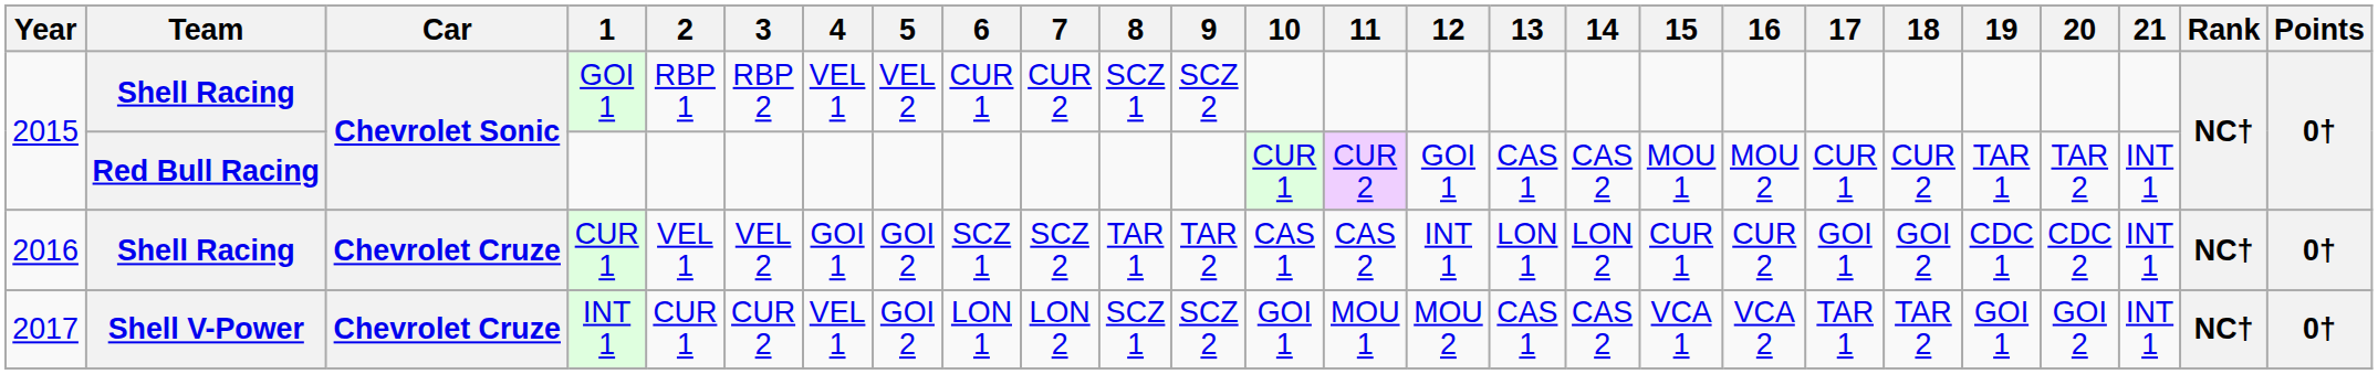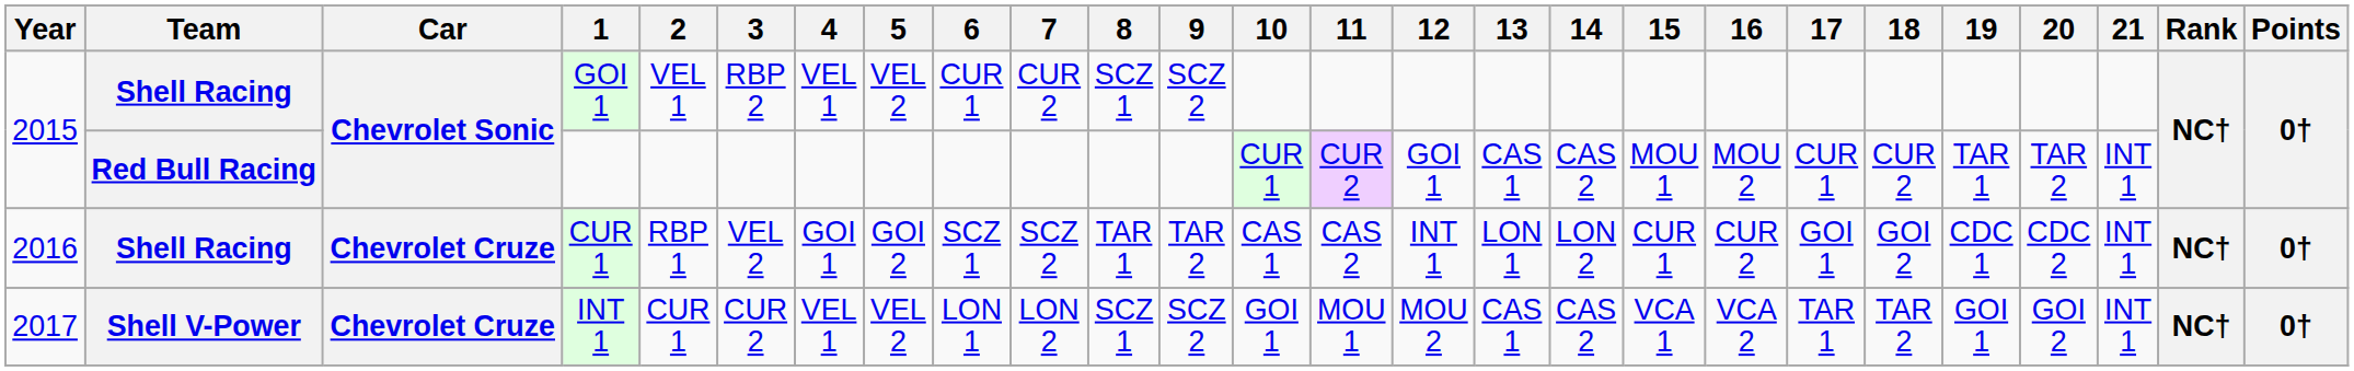 <table class="wikitable" style="text-align:center; font-size:85%">
 <tr>
 <th>Year</th>
 <th>Team</th>
 <th>Car</th>
 <th>1</th>
 <th>2</th>
 <th>3</th>
 <th>4</th>
 <th>5</th>
 <th>6</th>
 <th>7</th>
 <th>8</th>
 <th>9</th>
 <th>10</th>
 <th>11</th>
 <th>12</th>
 <th>13</th>
 <th>14</th>
 <th>15</th>
 <th>16</th>
 <th>17</th>
 <th>18</th>
 <th>19</th>
 <th>20</th>
 <th>21</th>
 <th>Rank</th>
 <th>Points</th>
 </tr>
 <tr>
 <td rowspan=2><a href='#'>2015</a></td>
 <th><a href='#'>Shell Racing</a></th>
 <th rowspan=2><a href='#'>Chevrolet Sonic</a></th>
 <td style="background:#DFFFDF;"><a href='#'>GOI<br>1</a><br></td>
-<td><a href='#'>RBP<br>1</a></td>
+<td><a href='#'>VEL<br>1</a></td>
 <td><a href='#'>RBP<br>2</a></td>
 <td><a href='#'>VEL<br>1</a></td>
 <td><a href='#'>VEL<br>2</a></td>
 <td><a href='#'>CUR<br>1</a></td>
 <td><a href='#'>CUR<br>2</a></td>
 <td><a href='#'>SCZ<br>1</a></td>
 <td><a href='#'>SCZ<br>2</a></td>
 <td></td>
 <td></td>
 <td></td>
 <td></td>
 <td></td>
 <td></td>
 <td></td>
 <td></td>
 <td></td>
 <td></td>
 <td></td>
 <td></td>
 <th rowspan=2>NC†</th>
 <th rowspan=2>0†</th>
 </tr>
 <tr>
 <th><a href='#'>Red Bull Racing</a></th>
 <td></td>
 <td></td>
 <td></td>
 <td></td>
 <td></td>
 <td></td>
 <td></td>
 <td></td>
 <td></td>
 <td style="background:#DFFFDF;"><a href='#'>CUR<br>1</a><br></td>
 <td style="background:#EFCFFF;"><a href='#'>CUR<br>2</a><br></td>
 <td><a href='#'>GOI<br>1</a></td>
 <td><a href='#'>CAS<br>1</a></td>
 <td><a href='#'>CAS<br>2</a></td>
 <td><a href='#'>MOU<br>1</a></td>
 <td><a href='#'>MOU<br>2</a></td>
 <td><a href='#'>CUR<br>1</a></td>
 <td><a href='#'>CUR<br>2</a></td>
 <td><a href='#'>TAR<br>1</a></td>
 <td><a href='#'>TAR<br>2</a></td>
 <td><a href='#'>INT<br>1</a></td>
 </tr>
 <tr>
 <td><a href='#'>2016</a></td>
 <th><a href='#'>Shell Racing</a></th>
 <th><a href='#'>Chevrolet Cruze</a></th>
 <td style="background:#DFFFDF;"><a href='#'>CUR<br>1</a><br></td>
-<td><a href='#'>VEL<br>1</a></td>
+<td><a href='#'>RBP<br>1</a></td>
 <td><a href='#'>VEL<br>2</a></td>
 <td><a href='#'>GOI<br>1</a></td>
 <td><a href='#'>GOI<br>2</a></td>
 <td><a href='#'>SCZ<br>1</a></td>
 <td><a href='#'>SCZ<br>2</a></td>
 <td><a href='#'>TAR<br>1</a></td>
 <td><a href='#'>TAR<br>2</a></td>
 <td><a href='#'>CAS<br>1</a></td>
 <td><a href='#'>CAS<br>2</a></td>
 <td><a href='#'>INT<br>1</a></td>
 <td><a href='#'>LON<br>1</a></td>
 <td><a href='#'>LON<br>2</a></td>
 <td><a href='#'>CUR<br>1</a></td>
 <td><a href='#'>CUR<br>2</a></td>
 <td><a href='#'>GOI<br>1</a></td>
 <td><a href='#'>GOI<br>2</a></td>
 <td><a href='#'>CDC<br>1</a></td>
 <td><a href='#'>CDC<br>2</a></td>
 <td><a href='#'>INT<br>1</a></td>
 <th>NC†</th>
 <th>0†</th>
 </tr>
 <tr>
 <td><a href='#'>2017</a></td>
 <th><a href='#'>Shell V-Power</a></th>
 <th><a href='#'>Chevrolet Cruze</a></th>
 <td style="background:#DFFFDF;"><a href='#'>INT<br>1</a><br></td>
 <td><a href='#'>CUR<br>1</a></td>
 <td><a href='#'>CUR<br>2</a></td>
 <td><a href='#'>VEL<br>1</a></td>
-<td><a href='#'>GOI<br>2</a></td>
+<td><a href='#'>VEL<br>2</a></td>
 <td><a href='#'>LON<br>1</a></td>
 <td><a href='#'>LON<br>2</a></td>
 <td><a href='#'>SCZ<br>1</a></td>
 <td><a href='#'>SCZ<br>2</a></td>
 <td><a href='#'>GOI<br>1</a></td>
 <td><a href='#'>MOU<br>1</a></td>
 <td><a href='#'>MOU<br>2</a></td>
 <td><a href='#'>CAS<br>1</a></td>
 <td><a href='#'>CAS<br>2</a></td>
 <td><a href='#'>VCA<br>1</a></td>
 <td><a href='#'>VCA<br>2</a></td>
 <td><a href='#'>TAR<br>1</a></td>
 <td><a href='#'>TAR<br>2</a></td>
 <td><a href='#'>GOI<br>1</a></td>
 <td><a href='#'>GOI<br>2</a></td>
 <td><a href='#'>INT<br>1</a></td>
 <th>NC†</th>
 <th>0†</th>
 </tr>
 </table>
